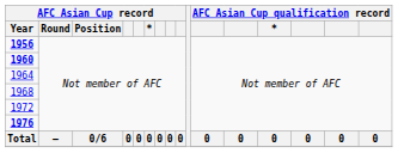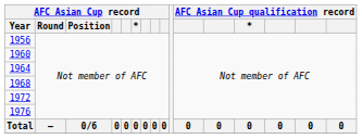 <table class="wikitable" style="text-align: center;">
 <tr>
 <th colspan=9><a href='#'>AFC Asian Cup</a> record</th>
 <th rowspan="26"></th>
 <th colspan="6"><a href='#'>AFC Asian Cup qualification</a> record</th>
 </tr>
 <tr>
 <th>Year</th>
 <th>Round</th>
 <th>Position</th>
 <th></th>
 <th></th>
 <th>*</th>
 <th></th>
 <th></th>
 <th></th>
 <th></th>
 <th></th>
 <th>*</th>
 <th></th>
 <th></th>
 <th></th>
 </tr>
 <tr>
-<td><strong> <a href='#'>1956</a></strong></td>
+<td> <a href='#'>1956</a></td>
 <td rowspan=6 colspan=8><em>Not member of AFC</em></td>
 <td rowspan=6 colspan=6><em>Not member of AFC</em></td>
 </tr>
 <tr>
-<td><strong> <a href='#'>1960</a></strong></td>
+<td> <a href='#'>1960</a></td>
 </tr>
 <tr>
 <td> <a href='#'>1964</a></td>
 </tr>
 <tr>
 <td> <a href='#'>1968</a></td>
 </tr>
 <tr>
 <td> <a href='#'>1972</a></td>
 </tr>
 <tr>
-<td><strong> <a href='#'>1976</a></strong></td>
+<td> <a href='#'>1976</a></td>
 </tr>
 <tr>
 <th>Total</th>
 <th>—</th>
 <th>0/6</th>
 <th>0</th>
 <th>0</th>
 <th>0</th>
 <th>0</th>
 <th>0</th>
 <th>0</th>
 <th>0</th>
 <th>0</th>
 <th>0</th>
 <th>0</th>
 <th>0</th>
 <th>0</th>
 </tr>
 <tr>
 </tr>
 </table>
